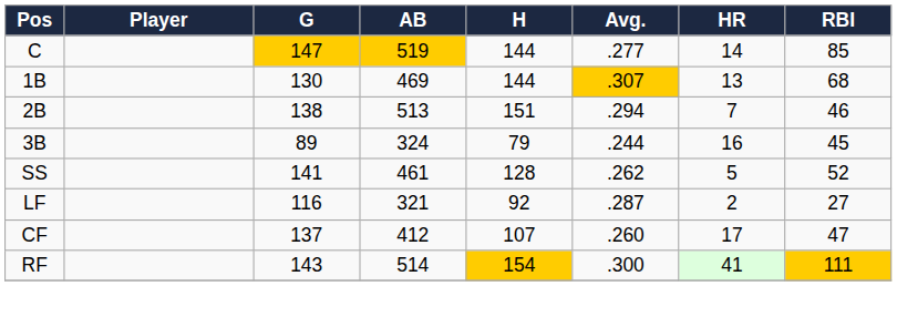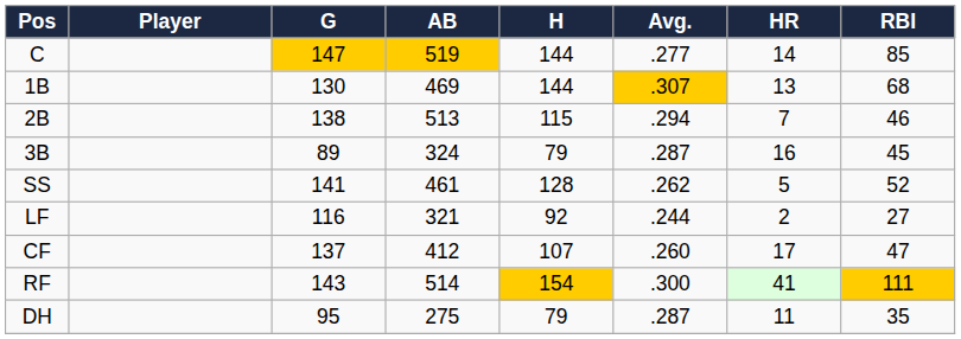 <table class="wikitable sortable">
 <tr>
 <th style="background:#1c2841; color:white; width:5%;">Pos</th>
 <th style="background:#1c2841; color:white; width:16%;">Player</th>
 <th style="background:#1c2841; color:white; width:9%;">G</th>
 <th style="background:#1c2841; color:white; width:9%;">AB</th>
 <th style="background:#1c2841; color:white; width:9%;">H</th>
 <th style="background:#1c2841; color:white; width:9%;">Avg.</th>
 <th style="background:#1c2841; color:white; width:9%;">HR</th>
 <th style="background:#1c2841; color:white; width:9%;">RBI</th>
 </tr>
 <tr style="text-align:center;">
 <td>C</td>
 <td></td>
 <td style="background:#fc0;">147</td>
 <td style="background:#fc0;">519</td>
 <td>144</td>
 <td>.277</td>
 <td>14</td>
 <td>85</td>
 </tr>
 <tr align="center">
 <td>1B</td>
 <td></td>
 <td>130</td>
 <td>469</td>
 <td>144</td>
 <td style="background:#fc0;">.307</td>
 <td>13</td>
 <td>68</td>
 </tr>
 <tr align="center">
 <td>2B</td>
 <td><strong></strong></td>
 <td>138</td>
 <td>513</td>
-<td>151</td>
+<td>115</td>
 <td>.294</td>
 <td>7</td>
 <td>46</td>
 </tr>
 <tr align="center">
 <td>3B</td>
 <td><strong></strong></td>
 <td>89</td>
 <td>324</td>
 <td>79</td>
-<td>.244</td>
+<td>.287</td>
 <td>16</td>
 <td>45</td>
 </tr>
 <tr align="center">
 <td>SS</td>
 <td><strong></strong></td>
 <td>141</td>
 <td>461</td>
 <td>128</td>
 <td>.262</td>
 <td>5</td>
 <td>52</td>
 </tr>
 <tr align="center">
 <td>LF</td>
 <td></td>
 <td>116</td>
 <td>321</td>
 <td>92</td>
-<td>.287</td>
+<td>.244</td>
 <td>2</td>
 <td>27</td>
 </tr>
 <tr align="center">
 <td>CF</td>
 <td></td>
 <td>137</td>
 <td>412</td>
 <td>107</td>
 <td>.260</td>
 <td>17</td>
 <td>47</td>
 </tr>
 <tr align="center">
 <td>RF</td>
 <td><strong></strong></td>
 <td>143</td>
 <td>514</td>
 <td style="background:#fc0;">154</td>
 <td>.300</td>
 <td style="background:#DDFFDD;">41</td>
 <td style="background:#fc0;">111</td>
 </tr>
 <tr align="center">
+<td>DH</td>
+<td></td>
+<td>95</td>
+<td>275</td>
+<td>79</td>
+<td>.287</td>
+<td>11</td>
+<td>35</td>
+</tr>
+<tr align="center">
 </tr>
 </table>
